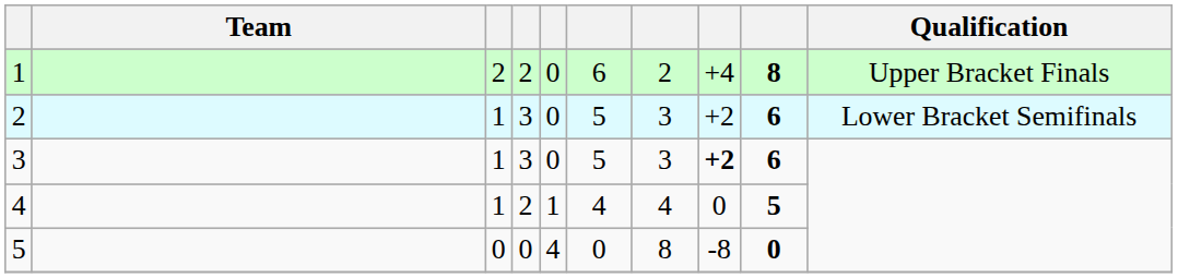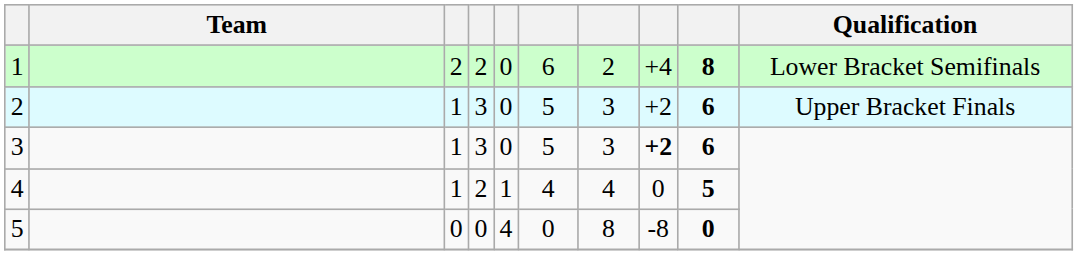 <table class="wikitable" style="text-align: center;">
 <tr>
 <th></th>
 <th width=250>Team</th>
 <th></th>
 <th></th>
 <th></th>
 <th width="30"></th>
 <th width="30"></th>
 <th></th>
 <th width=30></th>
 <th width=200>Qualification</th>
 </tr>
 <tr style="background-color:#cfc">
 <td>1</td>
 <td align=left></td>
 <td>2</td>
 <td>2</td>
 <td>0</td>
 <td>6</td>
 <td>2</td>
 <td>+4</td>
 <td><strong>8</strong></td>
-<td>Upper Bracket Finals</td>
+<td>Lower Bracket Semifinals</td>
 </tr>
 <tr style="background-color:#DDFBFF">
 <td>2</td>
 <td align=left></td>
 <td>1</td>
 <td>3</td>
 <td>0</td>
 <td>5</td>
 <td>3</td>
 <td>+2</td>
 <td><strong>6</strong></td>
-<td>Lower Bracket Semifinals</td>
+<td>Upper Bracket Finals</td>
 </tr>
 <tr>
 <td>3</td>
 <td align=left></td>
 <td>1</td>
 <td>3</td>
 <td>0</td>
 <td>5</td>
 <td>3</td>
 <td><strong>+2</strong></td>
 <td><strong>6</strong></td>
 <td rowspan=3></td>
 </tr>
 <tr>
 <td>4</td>
 <td align=left></td>
 <td>1</td>
 <td>2</td>
 <td>1</td>
 <td>4</td>
 <td>4</td>
 <td>0</td>
 <td><strong>5</strong></td>
 </tr>
 <tr>
 <td>5</td>
 <td align=left></td>
 <td>0</td>
 <td>0</td>
 <td>4</td>
 <td>0</td>
 <td>8</td>
 <td>-8</td>
 <td><strong>0</strong></td>
 </tr>
 <tr>
 </tr>
 </table>
